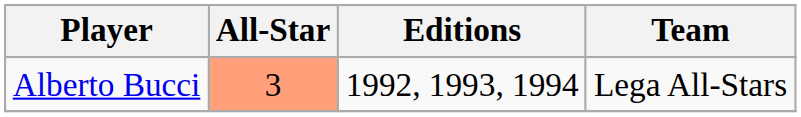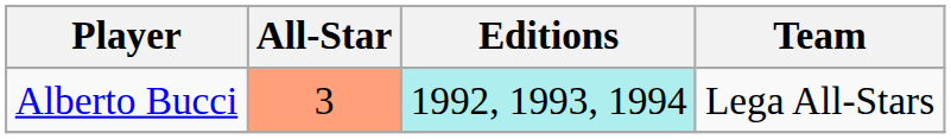 <table class="wikitable sortable">
 <tr>
 <th>Player</th>
 <th>All-Star</th>
 <th>Editions</th>
 <th>Team</th>
 </tr>
 <tr>
 <td> <a href='#'>Alberto Bucci</a></td>
 <td style="background: lightsalmon; text-align:center">3</td>
-<td style="text-align:center">1992, 1993, 1994</td>
+<td style="background: paleturquoise; text-align:center">1992, 1993, 1994</td>
 <td>Lega All-Stars</td>
 </tr>
 <tr>
 </tr>
 </table>
